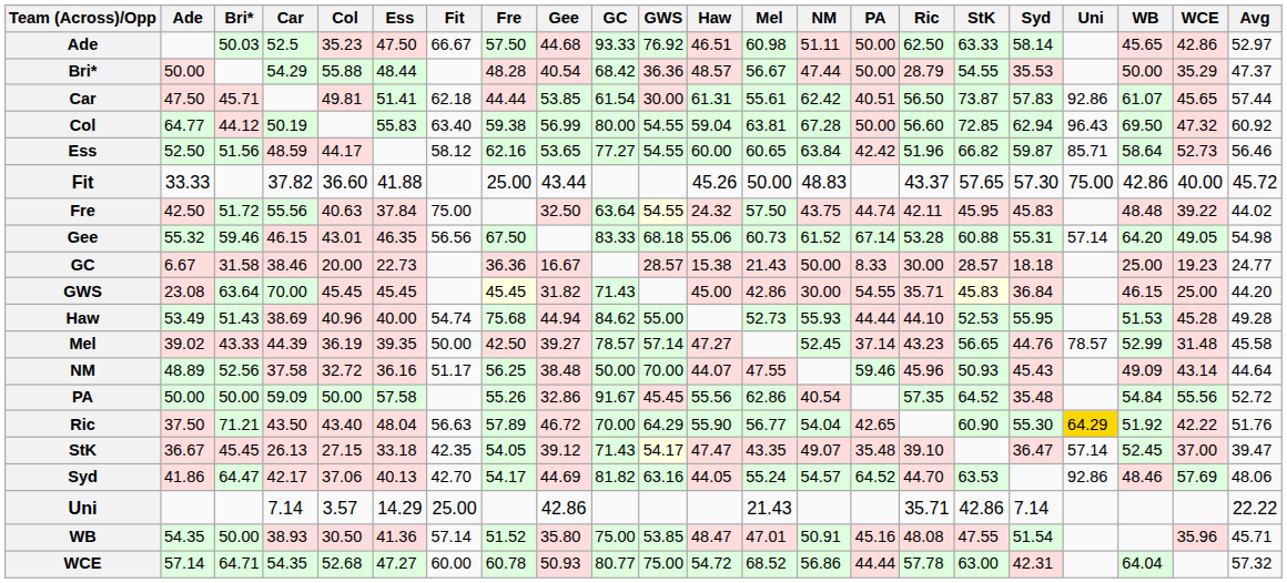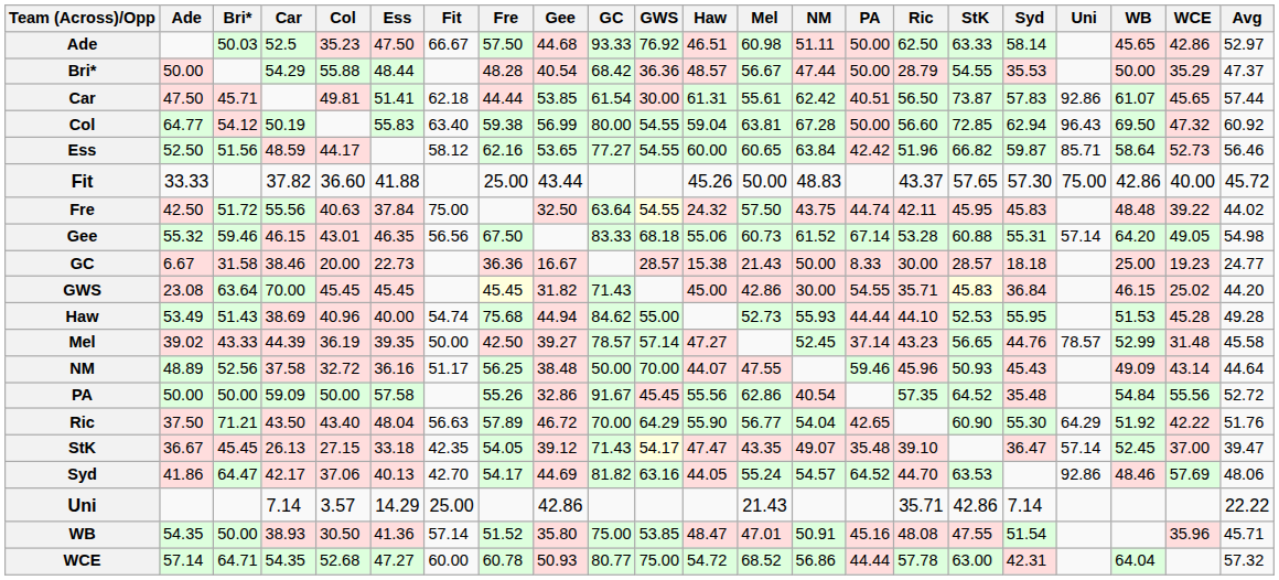 <table class="wikitable sortable">
 <tr style="font-size: 75%;">
 <th class=unsortable>Team (Across)/Opp</th>
 <th>Ade</th>
 <th>Bri*</th>
 <th>Car</th>
 <th>Col</th>
 <th>Ess</th>
 <th>Fit</th>
 <th>Fre</th>
 <th>Gee</th>
 <th>GC</th>
 <th>GWS</th>
 <th>Haw</th>
 <th>Mel</th>
 <th>NM</th>
 <th>PA</th>
 <th>Ric</th>
 <th>StK</th>
 <th>Syd</th>
 <th>Uni</th>
 <th>WB</th>
 <th>WCE</th>
 <th>Avg</th>
 </tr>
 <tr style="font-size: 75%;">
 <th>Ade</th>
 <td></td>
 <td style="background: #dfd;">50.03</td>
 <td style="background: #dfd;">52.5</td>
 <td style="background: #fdd;">35.23</td>
 <td style="background: #fdd;">47.50</td>
 <td>66.67</td>
 <td style="background: #dfd;">57.50</td>
 <td style="background: #fdd;">44.68</td>
 <td style="background: #dfd;">93.33</td>
 <td style="background: #dfd;">76.92</td>
 <td style="background: #fdd;">46.51</td>
 <td style="background: #dfd;">60.98</td>
 <td style="background: #fdd;">51.11</td>
 <td style="background: #fdd;">50.00</td>
 <td style="background: #dfd;">62.50</td>
 <td style="background: #dfd;">63.33</td>
 <td style="background: #dfd;">58.14</td>
 <td></td>
 <td style="background: #fdd;">45.65</td>
 <td style="background: #fdd;">42.86</td>
 <td>52.97</td>
 </tr>
 <tr style="font-size: 75%;">
 <th>Bri*</th>
 <td style="background: #fdd;">50.00</td>
 <td></td>
 <td style="background: #dfd;">54.29</td>
 <td style="background: #dfd;">55.88</td>
 <td style="background: #dfd;">48.44</td>
 <td></td>
 <td style="background: #fdd;">48.28</td>
 <td style="background: #fdd;">40.54</td>
 <td style="background: #dfd;">68.42</td>
 <td style="background: #fdd;">36.36</td>
 <td style="background: #fdd;">48.57</td>
 <td style="background: #dfd;">56.67</td>
 <td style="background: #fdd;">47.44</td>
 <td style="background: #fdd;">50.00</td>
 <td style="background: #fdd;">28.79</td>
 <td style="background: #dfd;">54.55</td>
 <td style="background: #fdd;">35.53</td>
 <td></td>
 <td style="background: #fdd;">50.00</td>
 <td style="background: #fdd;">35.29</td>
 <td>47.37</td>
 </tr>
 <tr style="font-size: 75%;">
 <th>Car</th>
 <td style="background: #fdd;">47.50</td>
 <td style="background: #fdd;">45.71</td>
 <td></td>
 <td style="background: #fdd;">49.81</td>
 <td style="background: #dfd;">51.41</td>
 <td>62.18</td>
 <td style="background: #fdd;">44.44</td>
 <td style="background: #dfd;">53.85</td>
 <td style="background: #dfd;">61.54</td>
 <td style="background: #fdd;">30.00</td>
 <td style="background: #dfd;">61.31</td>
 <td style="background: #dfd;">55.61</td>
 <td style="background: #dfd;">62.42</td>
 <td style="background: #fdd;">40.51</td>
 <td style="background: #dfd;">56.50</td>
 <td style="background: #dfd;">73.87</td>
 <td style="background: #dfd;">57.83</td>
 <td>92.86</td>
 <td style="background: #dfd;">61.07</td>
 <td style="background: #fdd;">45.65</td>
 <td>57.44</td>
 </tr>
 <tr style="font-size: 75%;">
 <th>Col</th>
 <td style="background: #dfd;">64.77</td>
-<td style="background: #fdd;">44.12</td>
+<td style="background: #fdd;">54.12</td>
 <td style="background: #dfd;">50.19</td>
 <td></td>
 <td style="background: #dfd;">55.83</td>
 <td>63.40</td>
 <td style="background: #dfd;">59.38</td>
 <td style="background: #dfd;">56.99</td>
 <td style="background: #dfd;">80.00</td>
 <td style="background: #dfd;">54.55</td>
 <td style="background: #dfd;">59.04</td>
 <td style="background: #dfd;">63.81</td>
 <td style="background: #dfd;">67.28</td>
 <td style="background: #fdd;">50.00</td>
 <td style="background: #dfd;">56.60</td>
 <td style="background: #dfd;">72.85</td>
 <td style="background: #dfd;">62.94</td>
 <td>96.43</td>
 <td style="background: #dfd;">69.50</td>
 <td style="background: #fdd;">47.32</td>
 <td>60.92</td>
 </tr>
 <tr style="font-size: 75%;">
 <th>Ess</th>
 <td style="background: #dfd;">52.50</td>
 <td style="background: #dfd;">51.56</td>
 <td style="background: #fdd;">48.59</td>
 <td style="background: #fdd;">44.17</td>
 <td></td>
 <td>58.12</td>
 <td style="background: #dfd;">62.16</td>
 <td style="background: #dfd;">53.65</td>
 <td style="background: #dfd;">77.27</td>
 <td style="background: #dfd;">54.55</td>
 <td style="background: #dfd;">60.00</td>
 <td style="background: #dfd;">60.65</td>
 <td style="background: #dfd;">63.84</td>
 <td style="background: #fdd;">42.42</td>
 <td style="background: #dfd;">51.96</td>
 <td style="background: #dfd;">66.82</td>
 <td style="background: #dfd;">59.87</td>
 <td>85.71</td>
 <td style="background: #dfd;">58.64</td>
 <td style="background: #fdd;">52.73</td>
 <td>56.46</td>
 </tr>
 <tr>
 <th><small>Fit</small></th>
 <td><small>33.33</small></td>
 <td></td>
 <td><small>37.82</small></td>
 <td><small>36.60</small></td>
 <td><small>41.88</small></td>
 <td></td>
 <td><small>25.00</small></td>
 <td><small>43.44</small></td>
 <td></td>
 <td></td>
 <td><small>45.26</small></td>
 <td><small>50.00</small></td>
 <td><small>48.83</small></td>
 <td></td>
 <td><small>43.37</small></td>
 <td><small>57.65</small></td>
 <td><small>57.30</small></td>
 <td><small>75.00</small></td>
 <td><small>42.86</small></td>
 <td><small>40.00</small></td>
 <td><small>45.72</small></td>
 </tr>
 <tr style="font-size: 75%;">
 <th>Fre</th>
 <td style="background: #fdd;">42.50</td>
 <td style="background: #dfd;">51.72</td>
 <td style="background: #dfd;">55.56</td>
 <td style="background: #fdd;">40.63</td>
 <td style="background: #fdd;">37.84</td>
 <td>75.00</td>
 <td></td>
 <td style="background: #fdd;">32.50</td>
 <td style="background: #dfd;">63.64</td>
 <td style="background: #ffd;">54.55</td>
 <td style="background: #fdd;">24.32</td>
 <td style="background: #dfd;">57.50</td>
 <td style="background: #fdd;">43.75</td>
 <td style="background: #fdd;">44.74</td>
 <td style="background: #fdd;">42.11</td>
 <td style="background: #fdd;">45.95</td>
 <td style="background: #fdd;">45.83</td>
 <td></td>
 <td style="background: #fdd;">48.48</td>
 <td style="background: #fdd;">39.22</td>
 <td>44.02</td>
 </tr>
 <tr style="font-size: 75%;">
 <th>Gee</th>
 <td style="background: #dfd;">55.32</td>
 <td style="background: #dfd;">59.46</td>
 <td style="background: #fdd;">46.15</td>
 <td style="background: #fdd;">43.01</td>
 <td style="background: #fdd;">46.35</td>
 <td>56.56</td>
 <td style="background: #dfd;">67.50</td>
 <td></td>
 <td style="background: #dfd;">83.33</td>
 <td style="background: #dfd;">68.18</td>
 <td style="background: #dfd;">55.06</td>
 <td style="background: #dfd;">60.73</td>
 <td style="background: #dfd;">61.52</td>
 <td style="background: #dfd;">67.14</td>
 <td style="background: #dfd;">53.28</td>
 <td style="background: #dfd;">60.88</td>
 <td style="background: #dfd;">55.31</td>
 <td>57.14</td>
 <td style="background: #dfd;">64.20</td>
 <td style="background: #dfd;">49.05</td>
 <td>54.98</td>
 </tr>
 <tr style="font-size: 75%;">
 <th>GC</th>
 <td style="background: #fdd;">6.67</td>
 <td style="background: #fdd;">31.58</td>
 <td style="background: #fdd;">38.46</td>
 <td style="background: #fdd;">20.00</td>
 <td style="background: #fdd;">22.73</td>
 <td></td>
 <td style="background: #fdd;">36.36</td>
 <td style="background: #fdd;">16.67</td>
 <td></td>
 <td style="background: #fdd;">28.57</td>
 <td style="background: #fdd;">15.38</td>
 <td style="background: #fdd;">21.43</td>
 <td style="background: #fdd;">50.00</td>
 <td style="background: #fdd;">8.33</td>
 <td style="background: #fdd;">30.00</td>
 <td style="background: #fdd;">28.57</td>
 <td style="background: #fdd;">18.18</td>
 <td></td>
 <td style="background: #fdd;">25.00</td>
 <td style="background: #fdd;">19.23</td>
 <td>24.77</td>
 </tr>
 <tr style="font-size: 75%;">
 <th>GWS</th>
 <td style="background: #fdd;">23.08</td>
 <td style="background: #dfd;">63.64</td>
 <td style="background: #dfd;">70.00</td>
 <td style="background: #fdd;">45.45</td>
 <td style="background: #fdd;">45.45</td>
 <td></td>
 <td style="background: #ffd;">45.45</td>
 <td style="background: #fdd;">31.82</td>
 <td style="background: #dfd;">71.43</td>
 <td></td>
 <td style="background: #fdd;">45.00</td>
 <td style="background: #fdd;">42.86</td>
 <td style="background: #fdd;">30.00</td>
 <td style="background: #fdd;">54.55</td>
 <td style="background: #fdd;">35.71</td>
 <td style="background: #ffd;">45.83</td>
 <td style="background: #fdd;">36.84</td>
 <td></td>
 <td style="background: #fdd;">46.15</td>
-<td style="background: #fdd;">25.00</td>
+<td style="background: #fdd;">25.02</td>
 <td>44.20</td>
 </tr>
 <tr style="font-size: 75%;">
 <th>Haw</th>
 <td style="background: #dfd;">53.49</td>
 <td style="background: #dfd;">51.43</td>
 <td style="background: #fdd;">38.69</td>
 <td style="background: #fdd;">40.96</td>
 <td style="background: #fdd;">40.00</td>
 <td>54.74</td>
 <td style="background: #dfd;">75.68</td>
 <td style="background: #fdd;">44.94</td>
 <td style="background: #dfd;">84.62</td>
 <td style="background: #dfd;">55.00</td>
 <td></td>
 <td style="background: #dfd;">52.73</td>
 <td style="background: #dfd;">55.93</td>
 <td style="background: #fdd;">44.44</td>
 <td style="background: #fdd;">44.10</td>
 <td style="background: #dfd;">52.53</td>
 <td style="background: #dfd;">55.95</td>
 <td></td>
 <td style="background: #dfd;">51.53</td>
 <td style="background: #fdd;">45.28</td>
 <td>49.28</td>
 </tr>
 <tr style="font-size: 75%;">
 <th>Mel</th>
 <td style="background: #fdd;">39.02</td>
 <td style="background: #fdd;">43.33</td>
 <td style="background: #fdd;">44.39</td>
 <td style="background: #fdd;">36.19</td>
 <td style="background: #fdd;">39.35</td>
 <td>50.00</td>
 <td style="background: #fdd;">42.50</td>
 <td style="background: #fdd;">39.27</td>
 <td style="background: #dfd;">78.57</td>
 <td style="background: #dfd;">57.14</td>
 <td style="background: #fdd;">47.27</td>
 <td></td>
 <td style="background: #dfd;">52.45</td>
 <td style="background: #fdd;">37.14</td>
 <td style="background: #fdd;">43.23</td>
 <td style="background: #dfd;">56.65</td>
 <td style="background: #fdd;">44.76</td>
 <td>78.57</td>
 <td style="background: #dfd;">52.99</td>
 <td style="background: #fdd;">31.48</td>
 <td>45.58</td>
 </tr>
 <tr style="font-size: 75%;">
 <th>NM</th>
 <td style="background: #dfd;">48.89</td>
 <td style="background: #dfd;">52.56</td>
 <td style="background: #fdd;">37.58</td>
 <td style="background: #fdd;">32.72</td>
 <td style="background: #fdd;">36.16</td>
 <td>51.17</td>
 <td style="background: #dfd;">56.25</td>
 <td style="background: #fdd;">38.48</td>
 <td style="background: #dfd;">50.00</td>
 <td style="background: #dfd;">70.00</td>
 <td style="background: #fdd;">44.07</td>
 <td style="background: #fdd;">47.55</td>
 <td></td>
 <td style="background: #dfd;">59.46</td>
 <td style="background: #fdd;">45.96</td>
 <td style="background: #dfd;">50.93</td>
 <td style="background: #fdd;">45.43</td>
 <td></td>
 <td style="background: #fdd;">49.09</td>
 <td style="background: #fdd;">43.14</td>
 <td>44.64</td>
 </tr>
 <tr style="font-size: 75%;">
 <th>PA</th>
 <td style="background: #dfd;">50.00</td>
 <td style="background: #dfd;">50.00</td>
 <td style="background: #dfd;">59.09</td>
 <td style="background: #dfd;">50.00</td>
 <td style="background: #dfd;">57.58</td>
 <td></td>
 <td style="background: #dfd;">55.26</td>
 <td style="background: #fdd;">32.86</td>
 <td style="background: #dfd;">91.67</td>
 <td style="background: #fdd;">45.45</td>
 <td style="background: #dfd;">55.56</td>
 <td style="background: #dfd;">62.86</td>
 <td style="background: #fdd;">40.54</td>
 <td></td>
 <td style="background: #dfd;">57.35</td>
 <td style="background: #dfd;">64.52</td>
 <td style="background: #fdd;">35.48</td>
 <td></td>
 <td style="background: #dfd;">54.84</td>
 <td style="background: #dfd;">55.56</td>
 <td>52.72</td>
 </tr>
 <tr style="font-size: 75%;">
 <th>Ric</th>
 <td style="background: #fdd;">37.50</td>
 <td style="background: #dfd;">71.21</td>
 <td style="background: #fdd;">43.50</td>
 <td style="background: #fdd;">43.40</td>
 <td style="background: #fdd;">48.04</td>
 <td>56.63</td>
 <td style="background: #dfd;">57.89</td>
 <td style="background: #fdd;">46.72</td>
 <td style="background: #dfd;">70.00</td>
 <td style="background: #dfd;">64.29</td>
 <td style="background: #dfd;">55.90</td>
 <td style="background: #dfd;">56.77</td>
 <td style="background: #dfd;">54.04</td>
 <td style="background: #fdd;">42.65</td>
 <td></td>
 <td style="background: #dfd;">60.90</td>
 <td style="background: #dfd;">55.30</td>
-<td style="background: gold;">64.29</td>
+<td>64.29</td>
 <td style="background: #dfd;">51.92</td>
 <td style="background: #fdd;">42.22</td>
 <td>51.76</td>
 </tr>
 <tr style="font-size: 75%;">
 <th>StK</th>
 <td style="background: #fdd;">36.67</td>
 <td style="background: #fdd;">45.45</td>
 <td style="background: #fdd;">26.13</td>
 <td style="background: #fdd;">27.15</td>
 <td style="background: #fdd;">33.18</td>
 <td>42.35</td>
 <td style="background: #dfd;">54.05</td>
 <td style="background: #fdd;">39.12</td>
 <td style="background: #dfd;">71.43</td>
 <td style="background: #ffd;">54.17</td>
 <td style="background: #fdd;">47.47</td>
 <td style="background: #fdd;">43.35</td>
 <td style="background: #fdd;">49.07</td>
 <td style="background: #fdd;">35.48</td>
 <td style="background: #fdd;">39.10</td>
 <td></td>
 <td style="background: #fdd;">36.47</td>
 <td>57.14</td>
 <td style="background: #dfd;">52.45</td>
 <td style="background: #fdd;">37.00</td>
 <td>39.47</td>
 </tr>
 <tr style="font-size: 75%;">
 <th>Syd</th>
 <td style="background: #fdd;">41.86</td>
 <td style="background: #dfd;">64.47</td>
 <td style="background: #fdd;">42.17</td>
 <td style="background: #fdd;">37.06</td>
 <td style="background: #fdd;">40.13</td>
 <td>42.70</td>
 <td style="background: #dfd;">54.17</td>
 <td style="background: #fdd;">44.69</td>
 <td style="background: #dfd;">81.82</td>
 <td style="background: #dfd;">63.16</td>
 <td style="background: #fdd;">44.05</td>
 <td style="background: #dfd;">55.24</td>
 <td style="background: #dfd;">54.57</td>
 <td style="background: #dfd;">64.52</td>
 <td style="background: #fdd;">44.70</td>
 <td style="background: #dfd;">63.53</td>
 <td></td>
 <td>92.86</td>
 <td style="background: #fdd;">48.46</td>
 <td style="background: #dfd;">57.69</td>
 <td>48.06</td>
 </tr>
 <tr>
 <th><small>Uni</small></th>
 <td></td>
 <td></td>
 <td><small>7.14</small></td>
 <td><small>3.57</small></td>
 <td><small>14.29</small></td>
 <td><small>25.00</small></td>
 <td></td>
 <td><small>42.86</small></td>
 <td></td>
 <td></td>
 <td></td>
 <td><small>21.43</small></td>
 <td></td>
 <td></td>
 <td><small>35.71</small></td>
 <td><small>42.86</small></td>
 <td><small>7.14</small></td>
 <td></td>
 <td></td>
 <td></td>
 <td><small>22.22</small></td>
 </tr>
 <tr style="font-size: 75%;">
 <th>WB</th>
 <td style="background: #dfd;">54.35</td>
 <td style="background: #dfd;">50.00</td>
 <td style="background: #fdd;">38.93</td>
 <td style="background: #fdd;">30.50</td>
 <td style="background: #fdd;">41.36</td>
 <td>57.14</td>
 <td style="background: #dfd;">51.52</td>
 <td style="background: #fdd;">35.80</td>
 <td style="background: #dfd;">75.00</td>
 <td style="background: #dfd;">53.85</td>
 <td style="background: #fdd;">48.47</td>
 <td style="background: #fdd;">47.01</td>
 <td style="background: #dfd;">50.91</td>
 <td style="background: #fdd;">45.16</td>
 <td style="background: #fdd;">48.08</td>
 <td style="background: #fdd;">47.55</td>
 <td style="background: #dfd;">51.54</td>
 <td></td>
 <td></td>
 <td style="background: #fdd;">35.96</td>
 <td>45.71</td>
 </tr>
 <tr style="font-size: 75%;">
 <th>WCE</th>
 <td style="background: #dfd;">57.14</td>
 <td style="background: #dfd;">64.71</td>
 <td style="background: #dfd;">54.35</td>
 <td style="background: #dfd;">52.68</td>
 <td style="background: #dfd;">47.27</td>
 <td>60.00</td>
 <td style="background: #dfd;">60.78</td>
 <td style="background: #fdd;">50.93</td>
 <td style="background: #dfd;">80.77</td>
 <td style="background: #dfd;">75.00</td>
 <td style="background: #dfd;">54.72</td>
 <td style="background: #dfd;">68.52</td>
 <td style="background: #dfd;">56.86</td>
 <td style="background: #fdd;">44.44</td>
 <td style="background: #dfd;">57.78</td>
 <td style="background: #dfd;">63.00</td>
 <td style="background: #fdd;">42.31</td>
 <td></td>
 <td style="background: #dfd;">64.04</td>
 <td></td>
 <td>57.32</td>
 </tr>
 </table>
